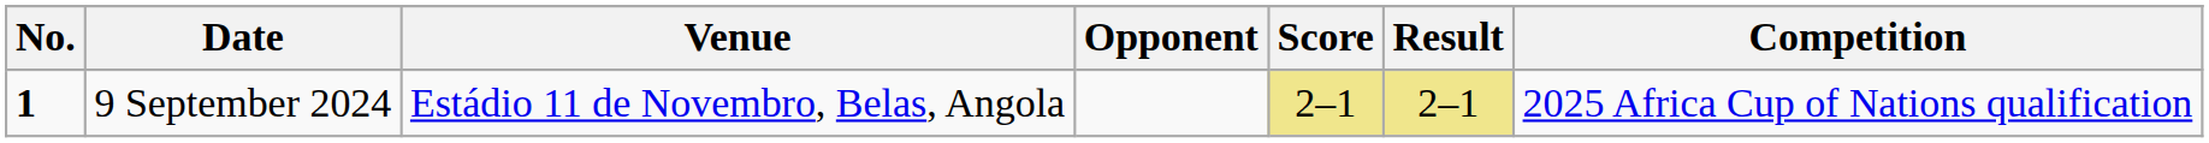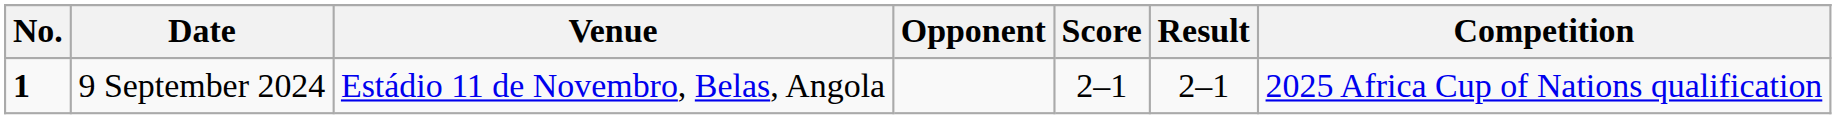 <table class="wikitable plainrowheaders sortable">
 <tr>
 </tr>
 <tr>
 <th>No.</th>
 <th>Date</th>
 <th>Venue</th>
 <th>Opponent</th>
 <th>Score</th>
 <th>Result</th>
 <th>Competition</th>
 </tr>
 <tr>
 <td><strong>1</strong></td>
 <td>9 September 2024</td>
 <td><a href='#'>Estádio 11 de Novembro</a>, <a href='#'>Belas</a>, Angola</td>
 <td></td>
-<td align=center style="background: khaki;">2–1</td>
-<td align=center style="background: khaki;">2–1</td>
+<td align=center>2–1</td>
+<td align=center>2–1</td>
 <td><a href='#'>2025 Africa Cup of Nations qualification</a></td>
 </tr>
 </table>
